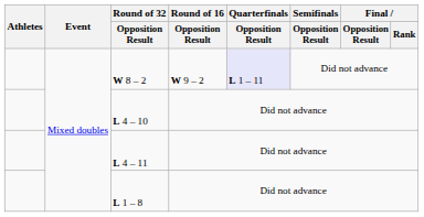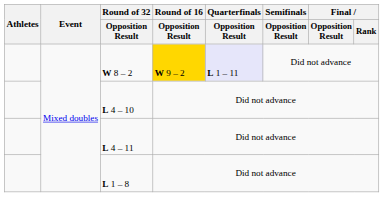 <table class="wikitable" style="font-size:90%">
 <tr>
 <th rowspan=2>Athletes</th>
 <th rowspan=2>Event</th>
 <th>Round of 32</th>
 <th>Round of 16</th>
 <th>Quarterfinals</th>
 <th>Semifinals</th>
 <th colspan=2>Final / </th>
 </tr>
 <tr style="font-size:95%">
 <th>Opposition<br>Result</th>
 <th>Opposition<br>Result</th>
 <th>Opposition<br>Result</th>
 <th>Opposition<br>Result</th>
 <th>Opposition<br>Result</th>
 <th>Rank</th>
 </tr>
 <tr>
 <td align=left><br></td>
 <td align=left rowspan=4><a href='#'>Mixed doubles</a></td>
 <td><br><br><strong>W</strong> 8 – 2</td>
-<td><br><br><strong>W</strong> 9 – 2</td>
+<td style="background: gold;"><br><br><strong>W</strong> 9 – 2</td>
 <td style="background: lavender;"><br><br><strong>L</strong> 1 – 11</td>
 <td align=center colspan=3>Did not advance</td>
 </tr>
 <tr>
 <td align=left><br></td>
 <td><br><br><strong>L</strong> 4 – 10</td>
 <td align=center colspan=5>Did not advance</td>
 </tr>
 <tr>
 <td align=left><br></td>
 <td><br><br><strong>L</strong> 4 – 11</td>
 <td align=center colspan=5>Did not advance</td>
 </tr>
 <tr>
 <td align=left><br></td>
 <td><br><br><strong>L</strong> 1 – 8</td>
 <td align=center colspan=5>Did not advance</td>
 </tr>
 </table>
